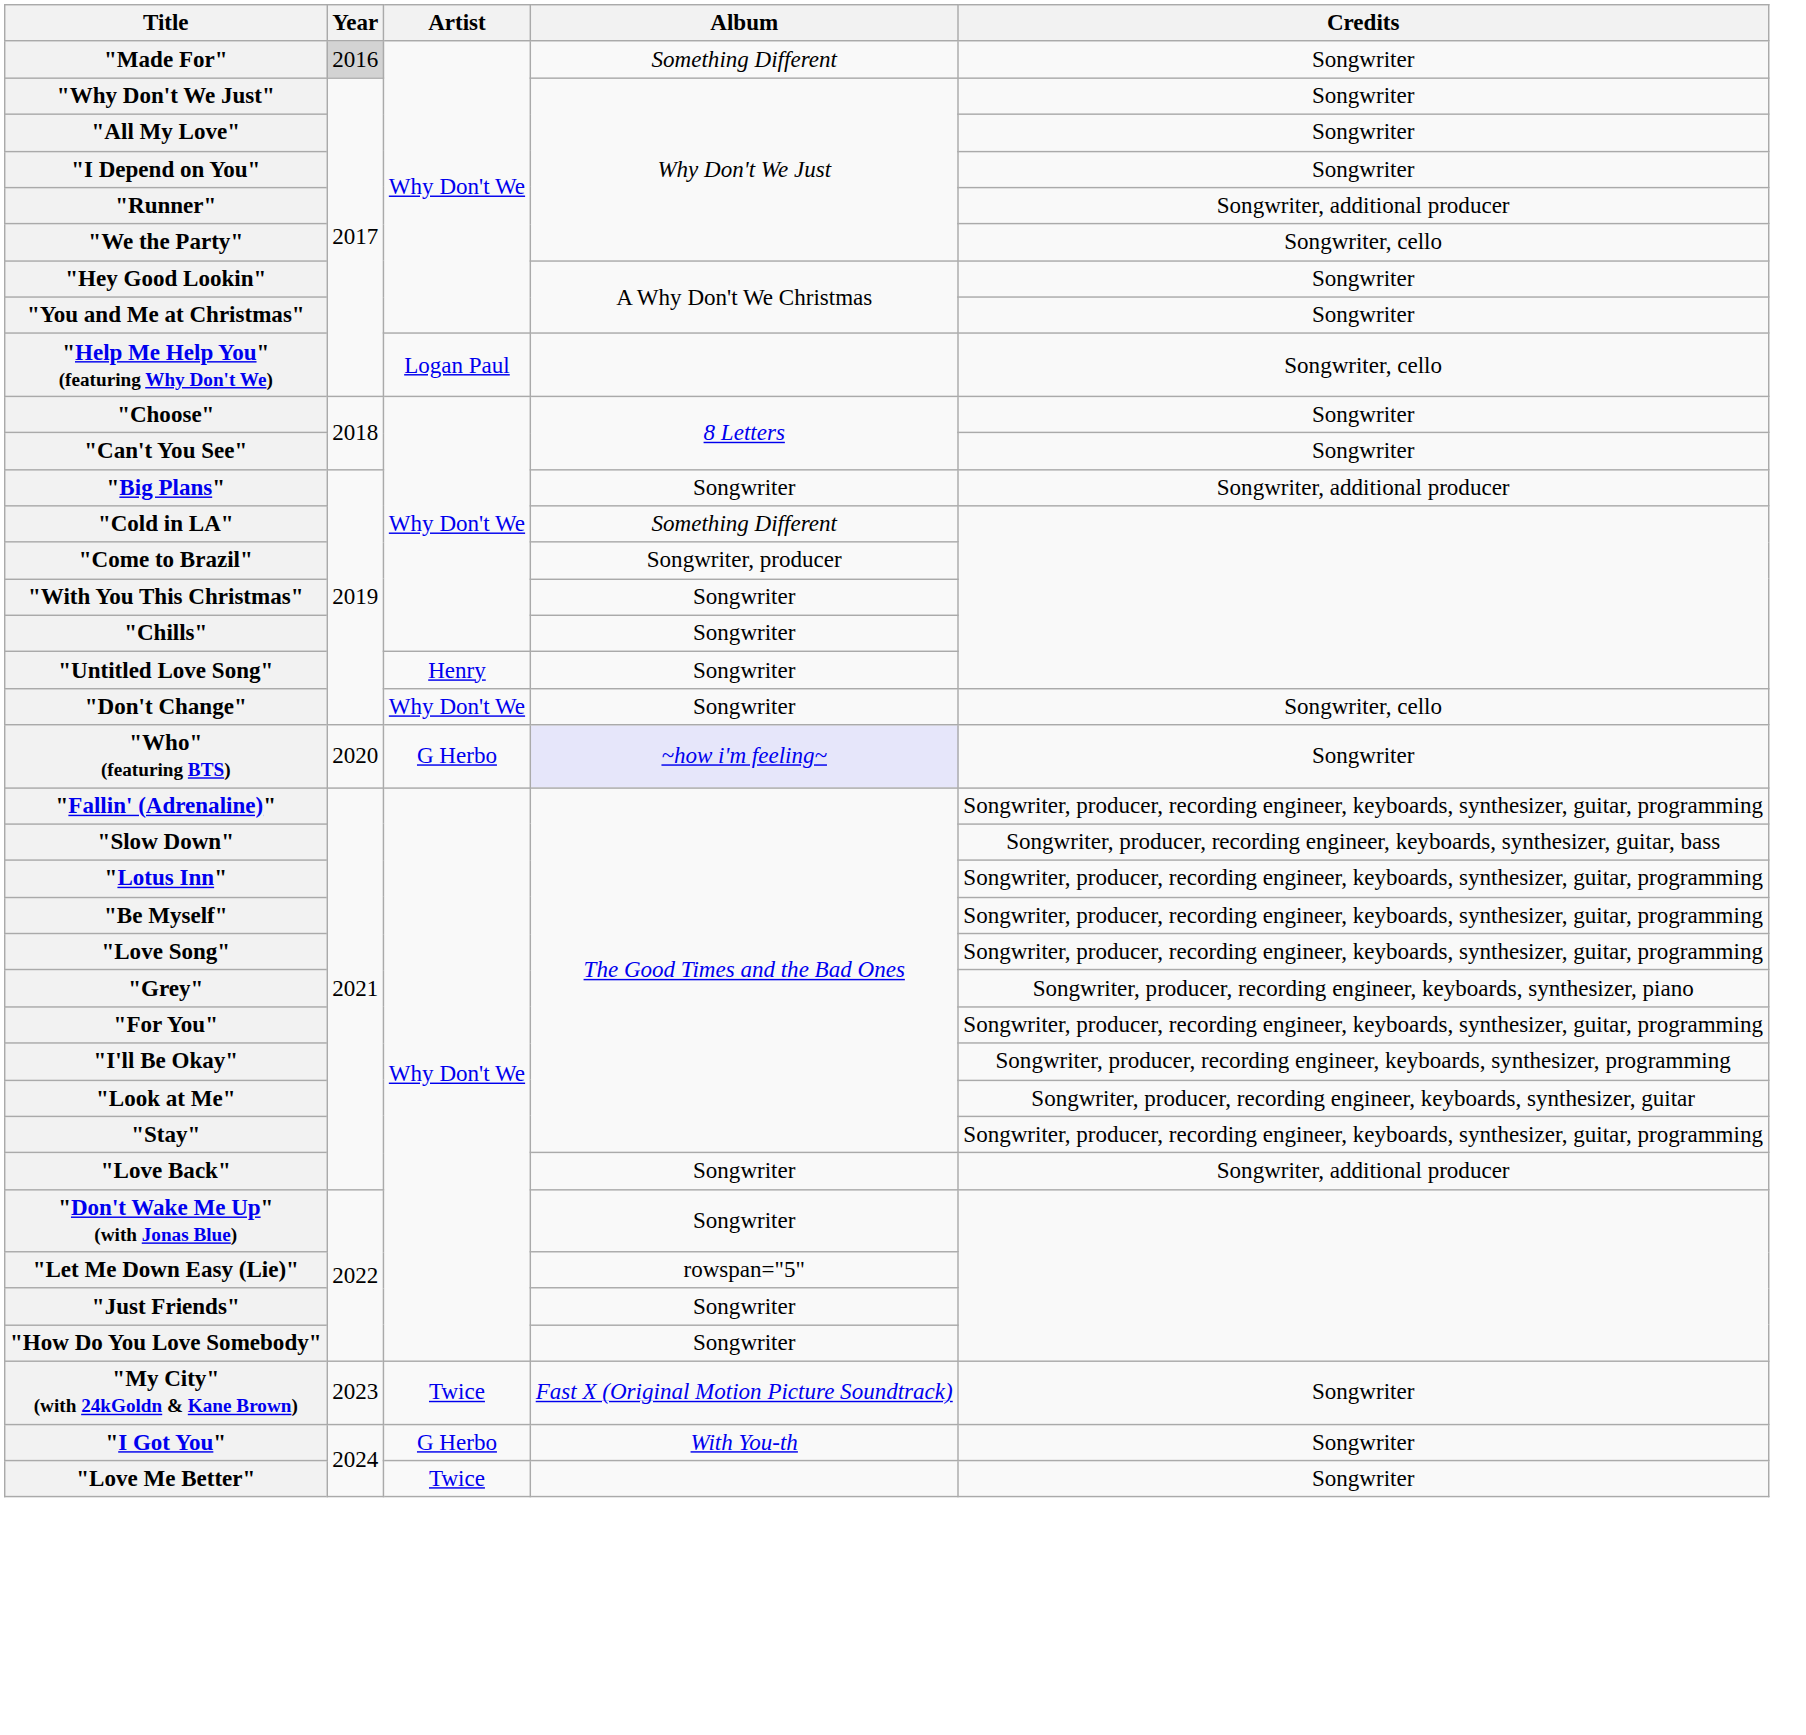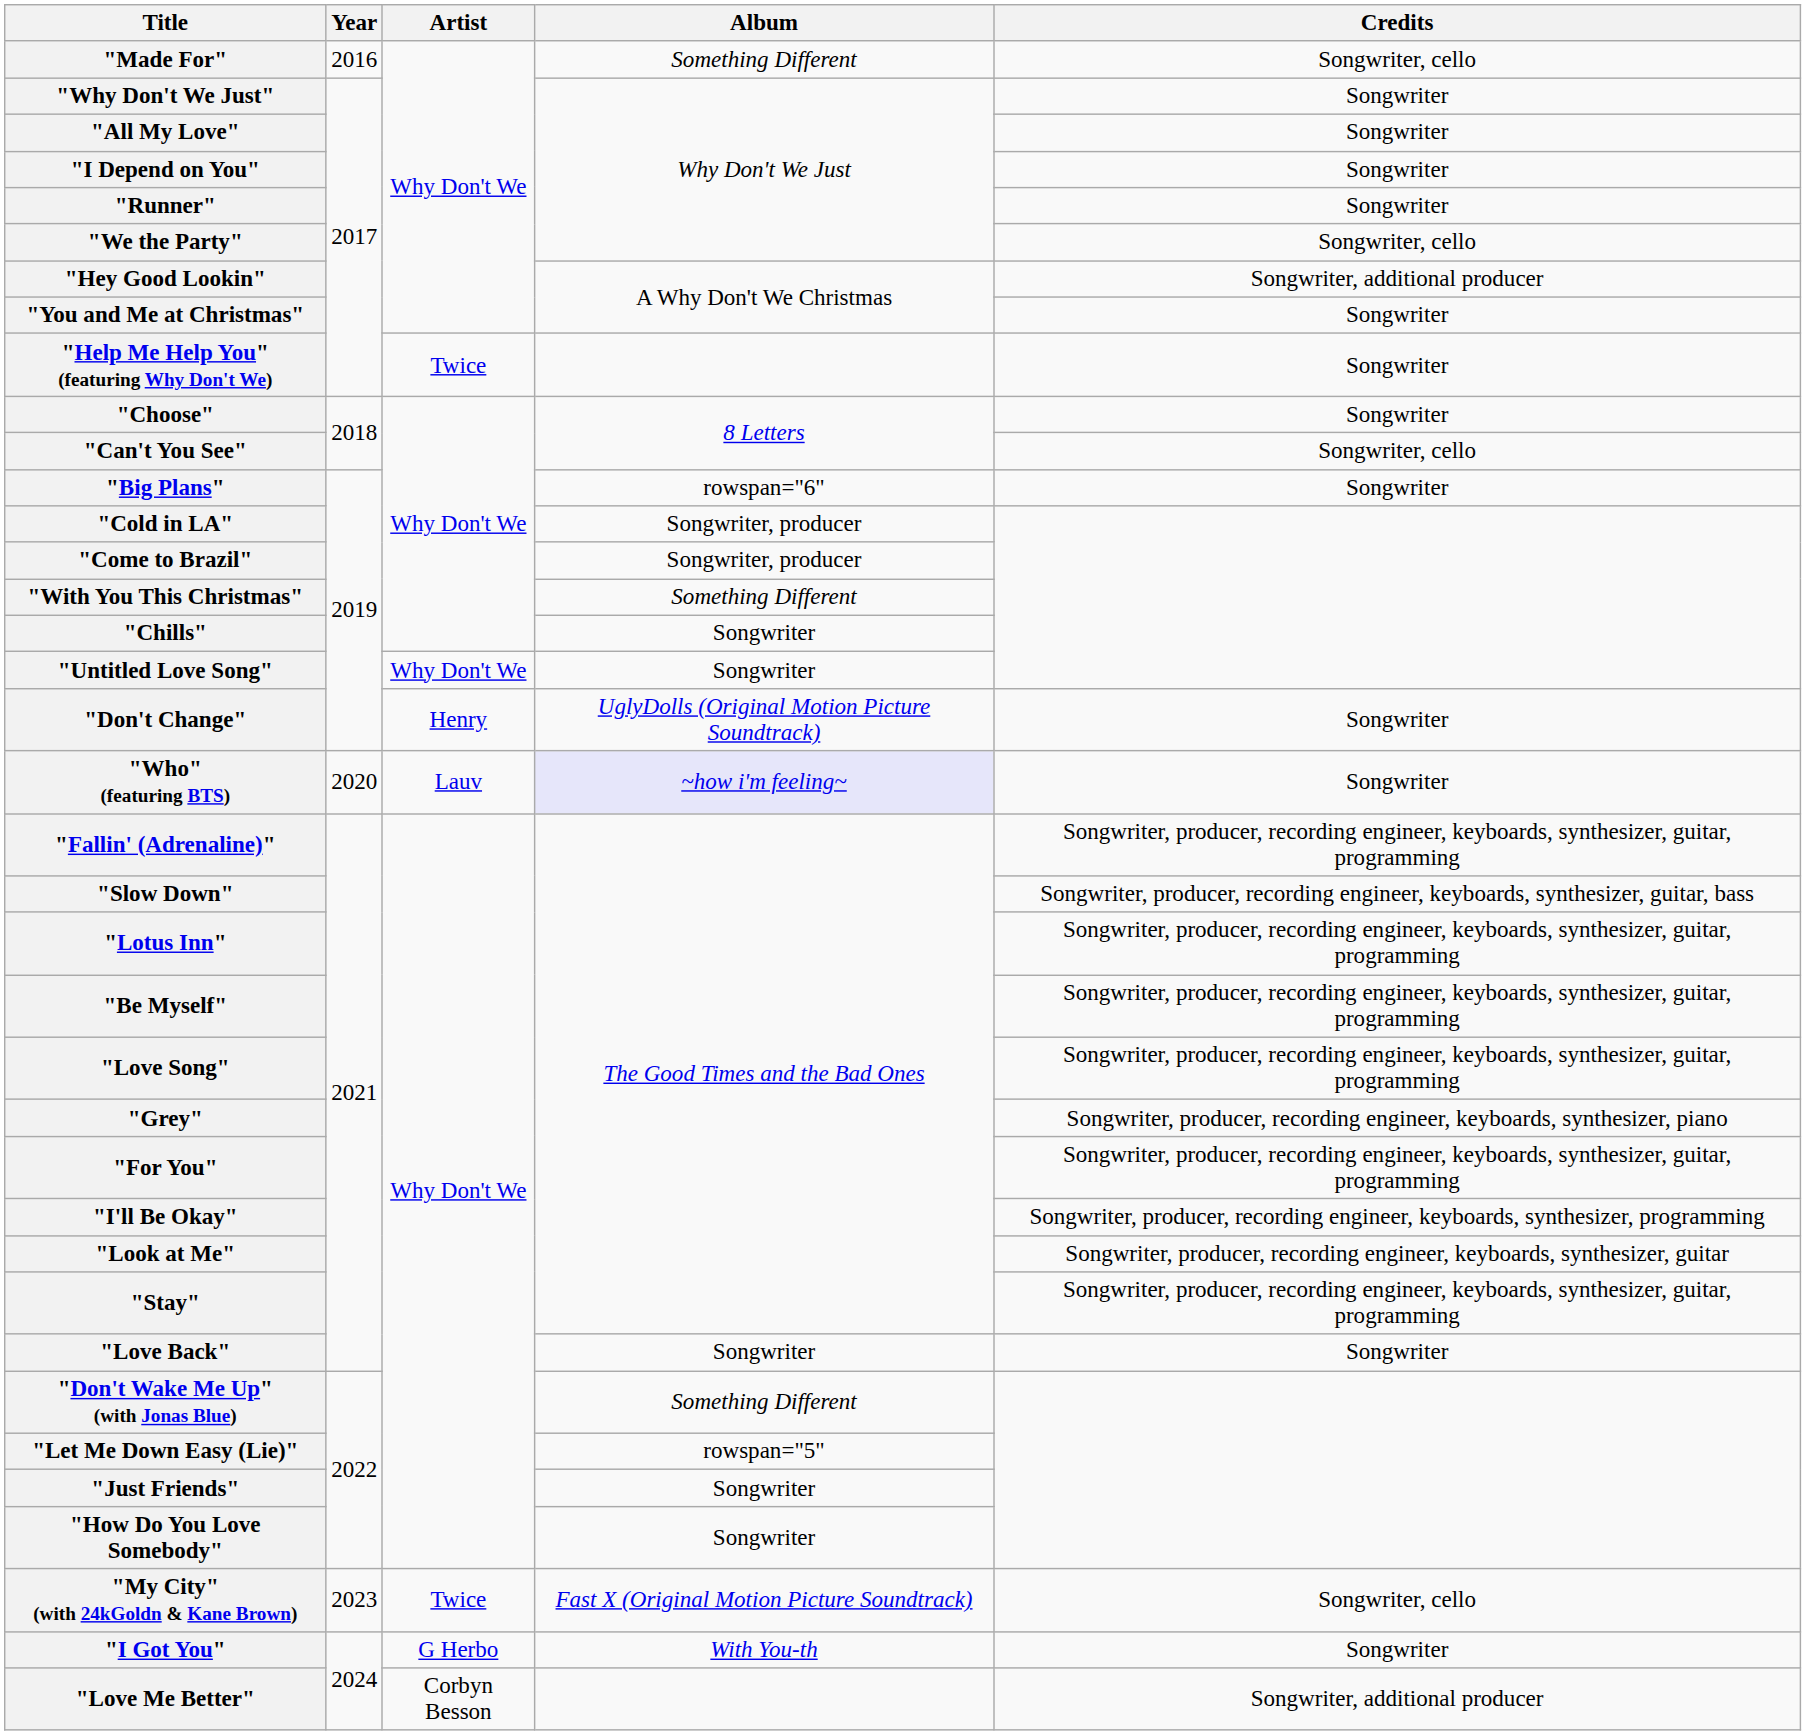 <table class="wikitable plainrowheaders" style="text-align:center;">
 <tr>
 <th>Title</th>
 <th>Year</th>
 <th>Artist</th>
 <th>Album</th>
 <th>Credits</th>
 </tr>
 <tr>
 <th scope="row">"Made For"</th>
-<td style="background: lightgrey;">2016</td>
+<td>2016</td>
 <td rowspan="8"><a href='#'>Why Don't We</a></td>
 <td><em>Something Different</em></td>
-<td>Songwriter</td>
+<td>Songwriter, cello</td>
 </tr>
 <tr>
 <th scope="row">"Why Don't We Just"</th>
 <td rowspan="8">2017</td>
 <td rowspan="5"><em>Why Don't We Just</em></td>
 <td>Songwriter</td>
 </tr>
 <tr>
 <th scope="row">"All My Love"</th>
 <td>Songwriter</td>
 </tr>
 <tr>
 <th scope="row">"I Depend on You"</th>
 <td>Songwriter</td>
 </tr>
 <tr>
 <th scope="row">"Runner"</th>
-<td>Songwriter, additional producer</td>
+<td>Songwriter</td>
 </tr>
 <tr>
 <th scope="row">"We the Party"</th>
 <td>Songwriter, cello</td>
 </tr>
 <tr>
 <th scope="row">"Hey Good Lookin"</th>
 <td rowspan="2">A Why Don't We Christmas</td>
-<td>Songwriter</td>
+<td>Songwriter, additional producer</td>
 </tr>
 <tr>
 <th scope="row">"You and Me at Christmas"</th>
 <td>Songwriter</td>
 </tr>
 <tr>
 <th scope="row">"<a href='#'>Help Me Help You</a>"<br><small>(featuring <a href='#'>Why Don't We</a>)</small></th>
-<td><a href='#'>Logan Paul</a></td>
+<td><a href='#'>Twice</a></td>
 <td></td>
-<td>Songwriter, cello</td>
+<td>Songwriter</td>
 </tr>
 <tr>
 <th scope="row">"Choose"</th>
 <td rowspan="2">2018</td>
 <td rowspan="7"><a href='#'>Why Don't We</a></td>
 <td rowspan="2"><em><a href='#'>8 Letters</a></em></td>
 <td>Songwriter</td>
 </tr>
 <tr>
 <th scope="row">"Can't You See"</th>
-<td>Songwriter</td>
+<td>Songwriter, cello</td>
 </tr>
 <tr>
 <th scope="row">"<a href='#'>Big Plans</a>"</th>
 <td rowspan="7">2019</td>
+<td>rowspan="6" </td>
 <td>Songwriter</td>
-<td>Songwriter, additional producer</td>
 </tr>
 <tr>
 <th scope="row">"Cold in LA"</th>
-<td><em>Something Different</em></td>
+<td>Songwriter, producer</td>
 </tr>
 <tr>
 <th scope="row">"Come to Brazil"</th>
 <td>Songwriter, producer</td>
 </tr>
 <tr>
 <th scope="row">"With You This Christmas"</th>
-<td>Songwriter</td>
+<td><em>Something Different</em></td>
 </tr>
 <tr>
 <th scope="row">"Chills"</th>
 <td>Songwriter</td>
 </tr>
 <tr>
 <th scope="row">"Untitled Love Song"</th>
-<td><a href='#'>Henry</a></td>
+<td><a href='#'>Why Don't We</a></td>
 <td>Songwriter</td>
 </tr>
 <tr>
 <th scope="row">"Don't Change"</th>
-<td><a href='#'>Why Don't We</a></td>
+<td><a href='#'>Henry</a></td>
+<td><em><a href='#'>UglyDolls (Original Motion Picture Soundtrack)</a></em></td>
 <td>Songwriter</td>
-<td>Songwriter, cello</td>
 </tr>
 <tr>
 <th scope="row">"Who"<br><small>(featuring <a href='#'>BTS</a>)</small></th>
 <td>2020</td>
-<td><a href='#'>G Herbo</a></td>
+<td><a href='#'>Lauv</a></td>
 <td style="background: lavender;"><a href='#'><em>~how i'm feeling~</em></a></td>
 <td>Songwriter</td>
 </tr>
 <tr>
 <th scope="row">"<a href='#'>Fallin' (Adrenaline)</a>"</th>
 <td rowspan="11">2021</td>
 <td rowspan="15"><a href='#'>Why Don't We</a></td>
 <td rowspan="10"><em><a href='#'>The Good Times and the Bad Ones</a></em></td>
 <td>Songwriter, producer, recording engineer, keyboards, synthesizer, guitar, programming</td>
 </tr>
 <tr>
 <th scope="row">"Slow Down"</th>
 <td>Songwriter, producer, recording engineer, keyboards, synthesizer, guitar, bass</td>
 </tr>
 <tr>
 <th scope="row">"<a href='#'>Lotus Inn</a>"</th>
 <td>Songwriter, producer, recording engineer, keyboards, synthesizer, guitar, programming</td>
 </tr>
 <tr>
 <th scope="row">"Be Myself"</th>
 <td>Songwriter, producer, recording engineer, keyboards, synthesizer, guitar, programming</td>
 </tr>
 <tr>
 <th scope="row">"Love Song"</th>
 <td>Songwriter, producer, recording engineer, keyboards, synthesizer, guitar, programming</td>
 </tr>
 <tr>
 <th scope="row">"Grey"</th>
 <td>Songwriter, producer, recording engineer, keyboards, synthesizer, piano</td>
 </tr>
 <tr>
 <th scope="row">"For You"</th>
 <td>Songwriter, producer, recording engineer, keyboards, synthesizer, guitar, programming</td>
 </tr>
 <tr>
 <th scope="row">"I'll Be Okay"</th>
 <td>Songwriter, producer, recording engineer, keyboards, synthesizer, programming</td>
 </tr>
 <tr>
 <th scope="row">"Look at Me"</th>
 <td>Songwriter, producer, recording engineer, keyboards, synthesizer, guitar</td>
 </tr>
 <tr>
 <th scope="row">"Stay"</th>
 <td>Songwriter, producer, recording engineer, keyboards, synthesizer, guitar, programming</td>
 </tr>
 <tr>
 <th scope="row">"Love Back"</th>
 <td>Songwriter</td>
-<td>Songwriter, additional producer</td>
+<td>Songwriter</td>
 </tr>
 <tr>
 <th scope="row">"<a href='#'>Don't Wake Me Up</a>"<br><small>(with <a href='#'>Jonas Blue</a>)</small></th>
 <td rowspan="4">2022</td>
-<td>Songwriter</td>
+<td><em>Something Different</em></td>
 </tr>
 <tr>
 <th scope="row">"Let Me Down Easy (Lie)"</th>
 <td>rowspan="5" </td>
 </tr>
 <tr>
 <th scope="row">"Just Friends"</th>
 <td>Songwriter</td>
 </tr>
 <tr>
 <th scope="row">"How Do You Love Somebody"</th>
 <td>Songwriter</td>
 </tr>
 <tr>
 <th scope="row">"My City"<br><small>(with <a href='#'>24kGoldn</a> & <a href='#'>Kane Brown</a>)</small></th>
 <td>2023</td>
 <td><a href='#'>Twice</a></td>
 <td><em><a href='#'>Fast X (Original Motion Picture Soundtrack)</a></em></td>
-<td>Songwriter</td>
+<td>Songwriter, cello</td>
 </tr>
 <tr>
 <th scope="row">"<a href='#'>I Got You</a>"</th>
 <td rowspan="2">2024</td>
 <td><a href='#'>G Herbo</a></td>
 <td><em><a href='#'>With You-th</a></em></td>
 <td>Songwriter</td>
 </tr>
 <tr>
 <th scope="row">"Love Me Better"</th>
-<td><a href='#'>Twice</a></td>
+<td>Corbyn Besson</td>
 <td></td>
-<td>Songwriter</td>
+<td>Songwriter, additional producer</td>
 </tr>
 </table>
